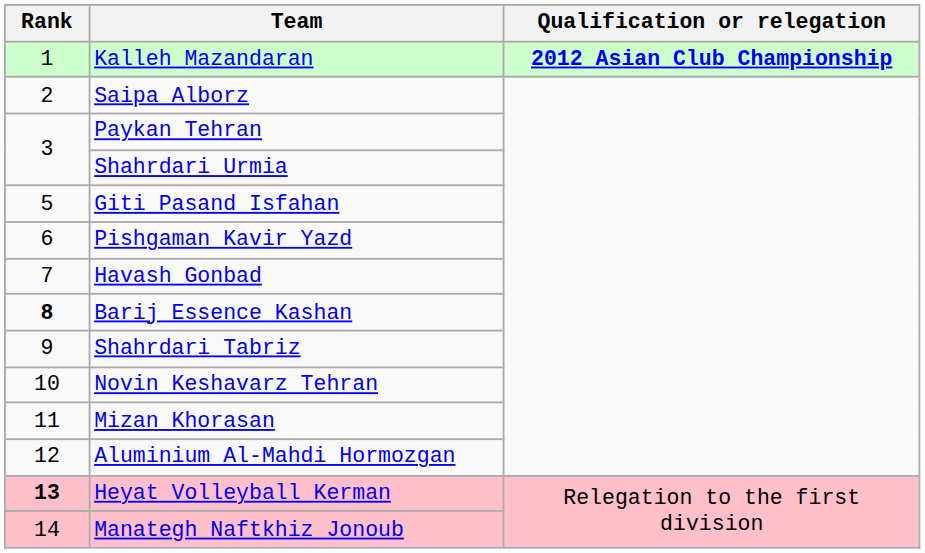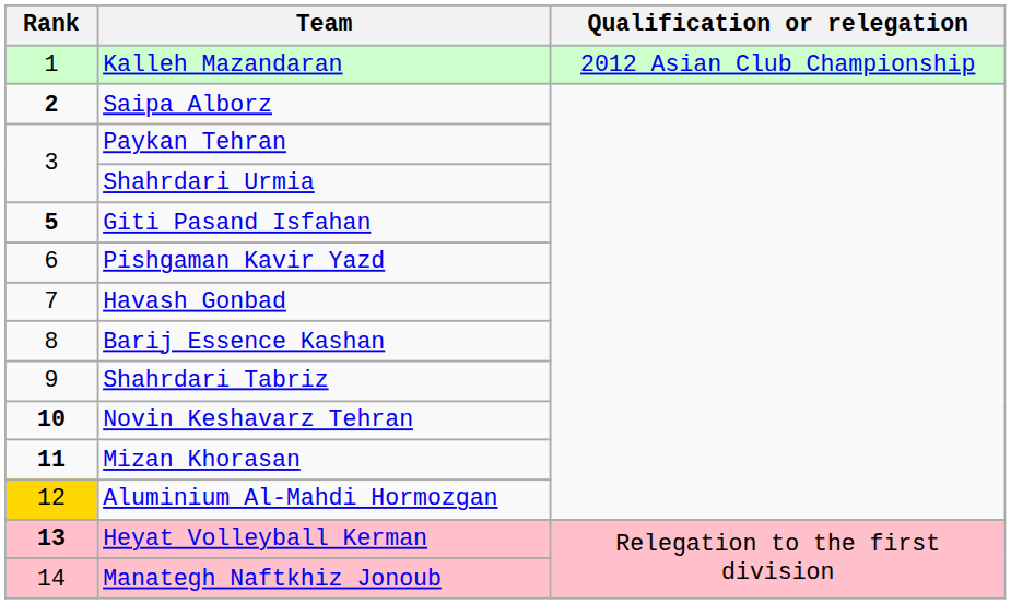 <table class="wikitable" style="text-align:center; font-size:90%">
 <tr>
 <th width=40>Rank</th>
 <th width=220>Team</th>
 <th width=220>Qualification or relegation</th>
 </tr>
 <tr bgcolor=ccffcc>
 <td>1</td>
 <td align="left"><a href='#'>Kalleh Mazandaran</a></td>
-<td><strong><a href='#'>2012 Asian Club Championship</a></strong></td>
+<td><a href='#'>2012 Asian Club Championship</a></td>
 </tr>
 <tr>
-<td>2</td>
+<td><strong>2</strong></td>
 <td align="left"><a href='#'>Saipa Alborz</a></td>
 <td rowspan=11></td>
 </tr>
 <tr>
 <td rowspan=2>3</td>
 <td align="left"><a href='#'>Paykan Tehran</a></td>
 </tr>
 <tr>
 <td align="left"><a href='#'>Shahrdari Urmia</a></td>
 </tr>
 <tr>
-<td>5</td>
+<td><strong>5</strong></td>
 <td align="left"><a href='#'>Giti Pasand Isfahan</a></td>
 </tr>
 <tr>
 <td>6</td>
 <td align="left"><a href='#'>Pishgaman Kavir Yazd</a></td>
 </tr>
 <tr>
 <td>7</td>
 <td align="left"><a href='#'>Havash Gonbad</a></td>
 </tr>
 <tr>
-<td><strong>8</strong></td>
+<td>8</td>
 <td align="left"><a href='#'>Barij Essence Kashan</a></td>
 </tr>
 <tr>
 <td>9</td>
 <td align="left"><a href='#'>Shahrdari Tabriz</a></td>
 </tr>
 <tr>
-<td>10</td>
+<td><strong>10</strong></td>
 <td align="left"><a href='#'>Novin Keshavarz Tehran</a></td>
 </tr>
 <tr>
-<td>11</td>
+<td><strong>11</strong></td>
 <td align="left"><a href='#'>Mizan Khorasan</a></td>
 </tr>
 <tr>
-<td>12</td>
+<td style="background: gold;">12</td>
 <td align="left"><a href='#'>Aluminium Al-Mahdi Hormozgan</a></td>
 </tr>
 <tr bgcolor=pink>
 <td><strong>13</strong></td>
 <td align="left"><a href='#'>Heyat Volleyball Kerman</a></td>
 <td rowspan=2>Relegation to the first division</td>
 </tr>
 <tr bgcolor=pink>
 <td>14</td>
 <td align="left"><a href='#'>Manategh Naftkhiz Jonoub</a></td>
 </tr>
 </table>
